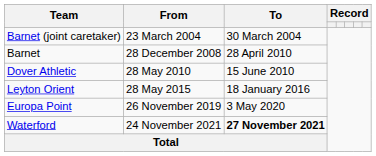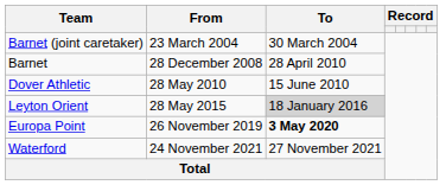 <table class=wikitable style="text-align: center">
 <tr>
 <th rowspan=2>Team</th>
 <th rowspan=2>From</th>
 <th rowspan=2>To</th>
 <th colspan=5>Record</th>
 </tr>
 <tr>
 <th></th>
 <th></th>
 <th></th>
 <th></th>
 <th></th>
 </tr>
 <tr>
 <td align=left><a href='#'>Barnet</a> (joint caretaker)</td>
 <td align=left>23 March 2004</td>
 <td align=left>30 March 2004<br></td>
 </tr>
 <tr>
 <td align=left>Barnet</td>
 <td align=left>28 December 2008</td>
 <td align=left>28 April 2010<br></td>
 </tr>
 <tr>
 <td align=left><a href='#'>Dover Athletic</a></td>
 <td align=left>28 May 2010</td>
 <td align=left>15 June 2010<br></td>
 </tr>
 <tr>
 <td align=left><a href='#'>Leyton Orient</a></td>
 <td align=left>28 May 2015</td>
-<td align=left>18 January 2016<br></td>
+<td align=left style="background: lightgrey;">18 January 2016<br></td>
 </tr>
 <tr>
 <td align=left><a href='#'>Europa Point</a></td>
 <td align=left>26 November 2019</td>
-<td align=left>3 May 2020<br></td>
+<td align=left><strong>3 May 2020<br></strong></td>
 </tr>
 <tr>
 <td align=left><a href='#'>Waterford</a></td>
 <td align=left>24 November 2021</td>
-<td align=left><strong>27 November 2021<br></strong></td>
+<td align=left>27 November 2021<br></td>
 </tr>
 <tr>
 <th colspan=3>Total<br></th>
 </tr>
 </table>
